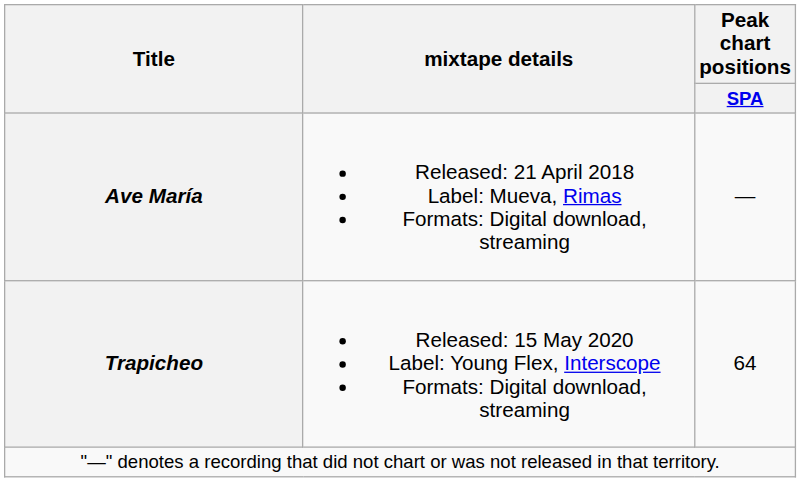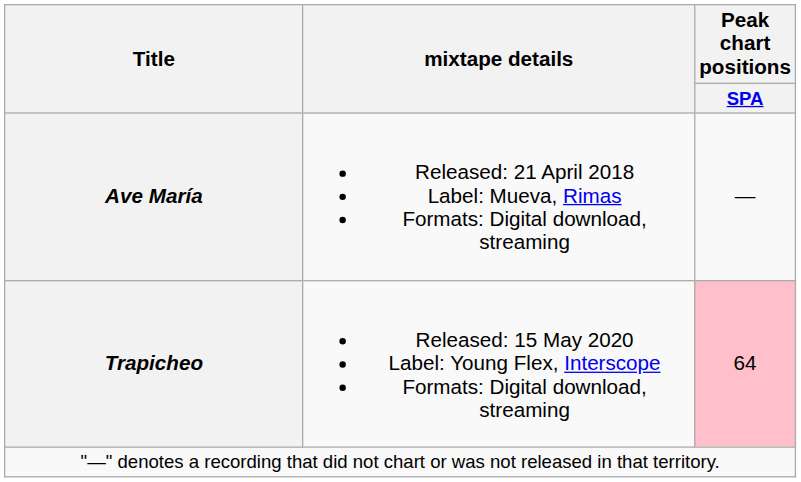 <table class="wikitable plainrowheaders" style="text-align:center;">
 <tr>
 <th scope="col" rowspan="2" style="width:14em;">Title</th>
 <th scope="col" rowspan="2" style="width:18.5em;">mixtape details</th>
 <th scope="col" colspan="2">Peak chart positions</th>
 </tr>
 <tr>
 <th scope="col" style="width:3em;font-size:90%;"><a href='#'>SPA</a><br></th>
 </tr>
 <tr>
 <th scope="row"><em>Ave María</em></th>
 <td><br><ul><li>Released: 21 April 2018</li><li>Label: Mueva, <a href='#'>Rimas</a></li><li>Formats: Digital download, streaming</li></ul></td>
 <td>—</td>
 </tr>
 <tr>
 <th scope="row"><em>Trapicheo</em></th>
 <td><br><ul><li>Released: 15 May 2020</li><li>Label: Young Flex, <a href='#'>Interscope</a></li><li>Formats: Digital download, streaming</li></ul></td>
-<td>64</td>
+<td style="background: pink;">64</td>
 </tr>
 <tr>
 <td colspan="4" style="font-size:90%">"—" denotes a recording that did not chart or was not released in that territory.</td>
 </tr>
 </table>
